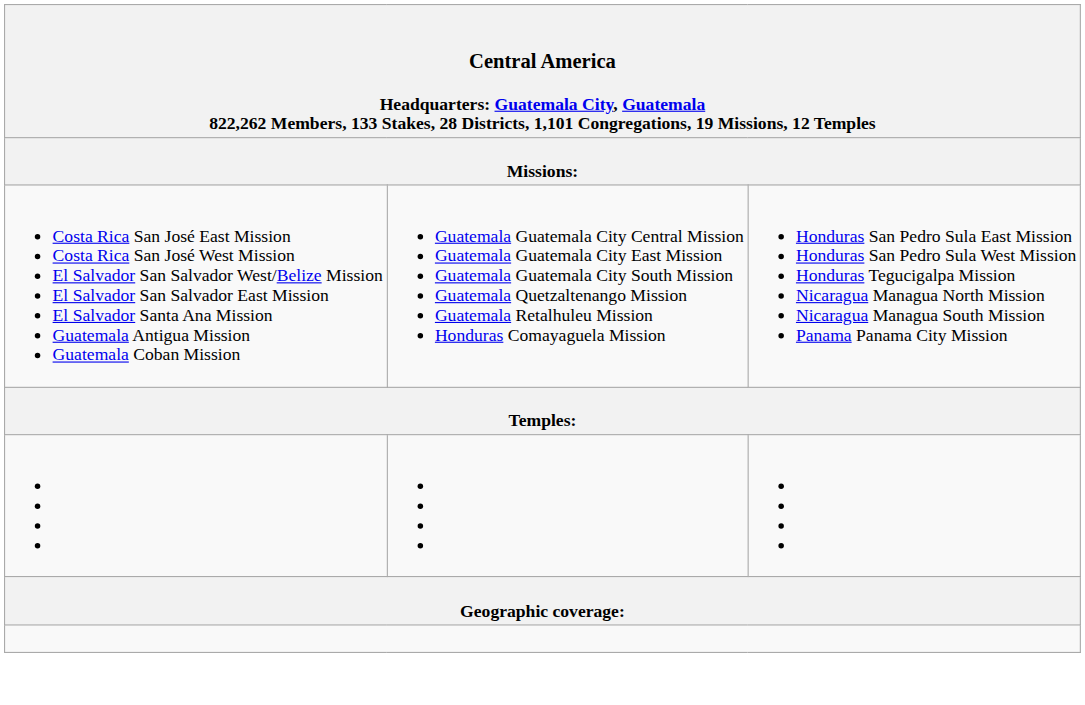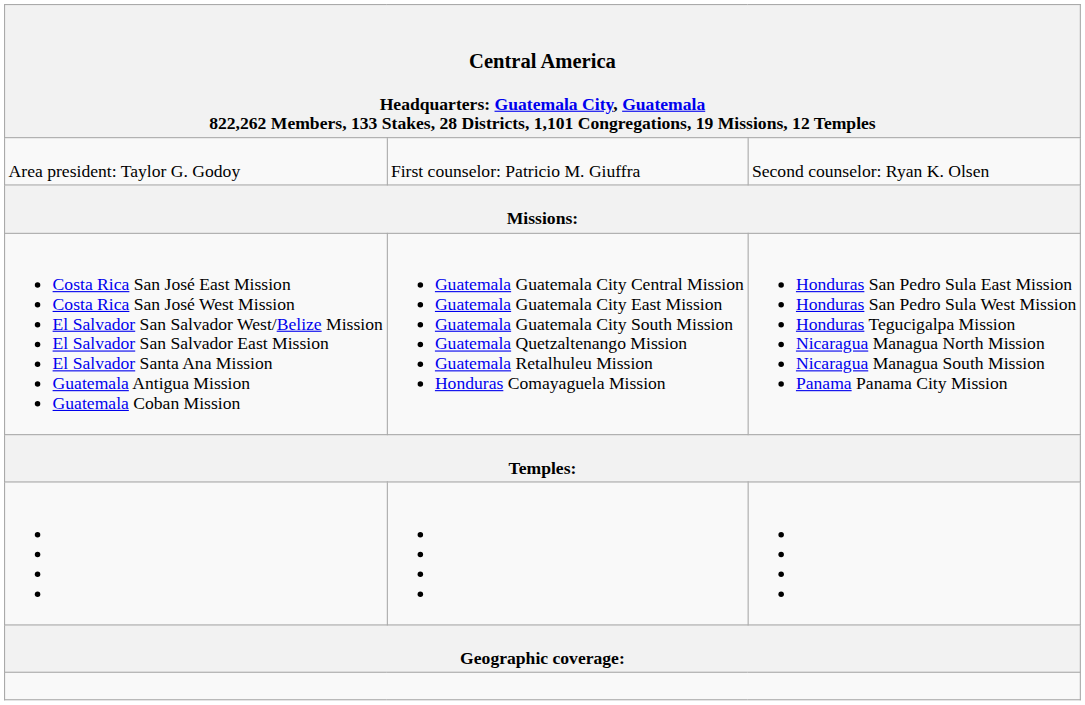 <table class=wikitable>
 <tr>
 <th colspan=3><br><h3>Central America</h3>Headquarters: <a href='#'>Guatemala City</a>, <a href='#'>Guatemala</a><br>822,262 Members, 133 Stakes, 28 Districts, 1,101 Congregations, 19 Missions, 12 Temples</th>
+</tr>
+<tr>
+<td style="vertical-align:top"><br>Area president: Taylor G. Godoy</td>
+<td style="vertical-align:top"><br>First counselor: Patricio M. Giuffra</td>
+<td style="vertical-align:top"><br>Second counselor: Ryan K. Olsen</td>
 </tr>
 <tr>
 <th colspan=3><br>Missions:</th>
 </tr>
 <tr>
 <td style="vertical-align:top"><br><ul><li><a href='#'>Costa Rica</a> San José East Mission</li><li><a href='#'>Costa Rica</a> San José West Mission</li><li><a href='#'>El Salvador</a> San Salvador West/<a href='#'>Belize</a> Mission</li><li><a href='#'>El Salvador</a> San Salvador East Mission</li><li><a href='#'>El Salvador</a> Santa Ana Mission</li><li><a href='#'>Guatemala</a> Antigua Mission</li><li><a href='#'>Guatemala</a> Coban Mission</li></ul></td>
 <td style="vertical-align:top"><br><ul><li><a href='#'>Guatemala</a> Guatemala City Central Mission</li><li><a href='#'>Guatemala</a> Guatemala City East Mission</li><li><a href='#'>Guatemala</a> Guatemala City South Mission</li><li><a href='#'>Guatemala</a> Quetzaltenango Mission</li><li><a href='#'>Guatemala</a> Retalhuleu Mission</li><li><a href='#'>Honduras</a> Comayaguela Mission</li></ul></td>
 <td style="vertical-align:top"><br><ul><li><a href='#'>Honduras</a> San Pedro Sula East Mission</li><li><a href='#'>Honduras</a> San Pedro Sula West Mission</li><li><a href='#'>Honduras</a> Tegucigalpa Mission</li><li><a href='#'>Nicaragua</a> Managua North Mission</li><li><a href='#'>Nicaragua</a> Managua South Mission</li><li><a href='#'>Panama</a> Panama City Mission</li></ul></td>
 </tr>
 <tr>
 <th colspan=3><br>Temples:</th>
 </tr>
 <tr>
 <td style="vertical-align:top"><br><ul><li></li><li></li><li></li><li></li></ul></td>
 <td style="vertical-align:top"><br><ul><li></li><li></li><li></li><li></li></ul></td>
 <td style="vertical-align:top"><br><ul><li></li><li></li><li></li><li></li></ul></td>
 </tr>
 <tr>
 <th colspan=3><br>Geographic coverage:</th>
 </tr>
 <tr>
 <td style="vertical-align:top" colspan=3><br></td>
 </tr>
 </table>
